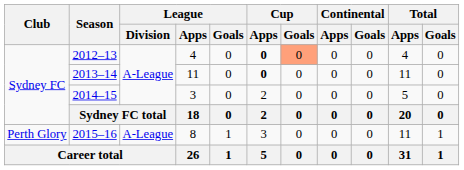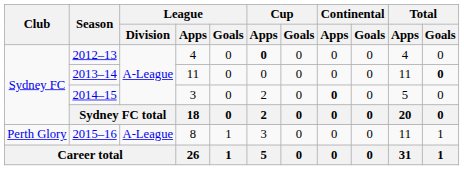 <table class="wikitable" style="text-align: center;">
 <tr>
 <th rowspan="2">Club</th>
 <th rowspan="2">Season</th>
 <th colspan="3">League</th>
 <th colspan="2">Cup</th>
 <th colspan="2">Continental</th>
 <th colspan="2">Total</th>
 </tr>
 <tr>
 <th>Division</th>
 <th>Apps</th>
 <th>Goals</th>
 <th>Apps</th>
 <th>Goals</th>
 <th>Apps</th>
 <th>Goals</th>
 <th>Apps</th>
 <th>Goals</th>
 </tr>
 <tr>
 <td rowspan="4" valign="center"><a href='#'>Sydney FC</a></td>
 <td><a href='#'>2012–13</a></td>
 <td rowspan="3"><a href='#'>A-League</a></td>
 <td>4</td>
 <td>0</td>
 <td><strong>0</strong></td>
-<td style="background: lightsalmon;">0</td>
+<td>0</td>
 <td>0</td>
 <td>0</td>
 <td>4</td>
 <td>0</td>
 </tr>
 <tr>
 <td><a href='#'>2013–14</a></td>
 <td>11</td>
 <td>0</td>
-<td><strong>0</strong></td>
+<td>0</td>
 <td>0</td>
 <td>0</td>
 <td>0</td>
 <td>11</td>
-<td>0</td>
+<td><strong>0</strong></td>
 </tr>
 <tr>
 <td><a href='#'>2014–15</a></td>
 <td>3</td>
 <td>0</td>
 <td>2</td>
 <td>0</td>
-<td>0</td>
+<td><strong>0</strong></td>
 <td>0</td>
 <td>5</td>
 <td>0</td>
 </tr>
 <tr>
 <th colspan=2>Sydney FC total</th>
 <th>18</th>
 <th>0</th>
 <th>2</th>
 <th>0</th>
 <th>0</th>
 <th>0</th>
 <th>20</th>
 <th>0</th>
 </tr>
 <tr>
 <td><a href='#'>Perth Glory</a></td>
 <td><a href='#'>2015–16</a></td>
 <td><a href='#'>A-League</a></td>
 <td>8</td>
 <td>1</td>
 <td>3</td>
 <td>0</td>
 <td>0</td>
 <td>0</td>
 <td>11</td>
 <td>1</td>
 </tr>
 <tr>
 <th colspan=3>Career total</th>
 <th>26</th>
 <th>1</th>
 <th>5</th>
 <th>0</th>
 <th>0</th>
 <th>0</th>
 <th>31</th>
 <th>1</th>
 </tr>
 </table>
